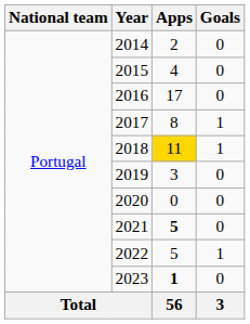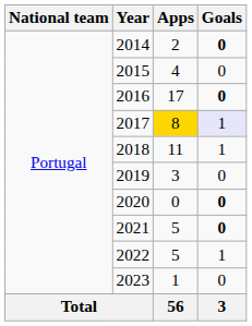 <table class="wikitable" style="text-align:center">
 <tr>
 <th>National team</th>
 <th>Year</th>
 <th>Apps</th>
 <th>Goals</th>
 </tr>
 <tr>
 <td rowspan="10"><a href='#'>Portugal</a></td>
 <td>2014</td>
 <td>2</td>
-<td>0</td>
+<td><strong>0</strong></td>
 </tr>
 <tr>
 <td>2015</td>
 <td>4</td>
 <td>0</td>
 </tr>
 <tr>
 <td>2016</td>
 <td>17</td>
-<td>0</td>
+<td><strong>0</strong></td>
 </tr>
 <tr>
 <td>2017</td>
-<td>8</td>
-<td>1</td>
+<td style="background: gold;">8</td>
+<td style="background: lavender;">1</td>
 </tr>
 <tr>
 <td>2018</td>
-<td style="background: gold;">11</td>
+<td>11</td>
 <td>1</td>
 </tr>
 <tr>
 <td>2019</td>
 <td>3</td>
 <td>0</td>
 </tr>
 <tr>
 <td>2020</td>
 <td>0</td>
-<td>0</td>
+<td><strong>0</strong></td>
 </tr>
 <tr>
 <td>2021</td>
-<td><strong>5</strong></td>
-<td>0</td>
+<td>5</td>
+<td><strong>0</strong></td>
 </tr>
 <tr>
 <td>2022</td>
 <td>5</td>
 <td>1</td>
 </tr>
 <tr>
 <td>2023</td>
-<td><strong>1</strong></td>
+<td>1</td>
 <td>0</td>
 </tr>
 <tr>
 <th colspan="2">Total</th>
 <th>56</th>
 <th>3</th>
 </tr>
 </table>
